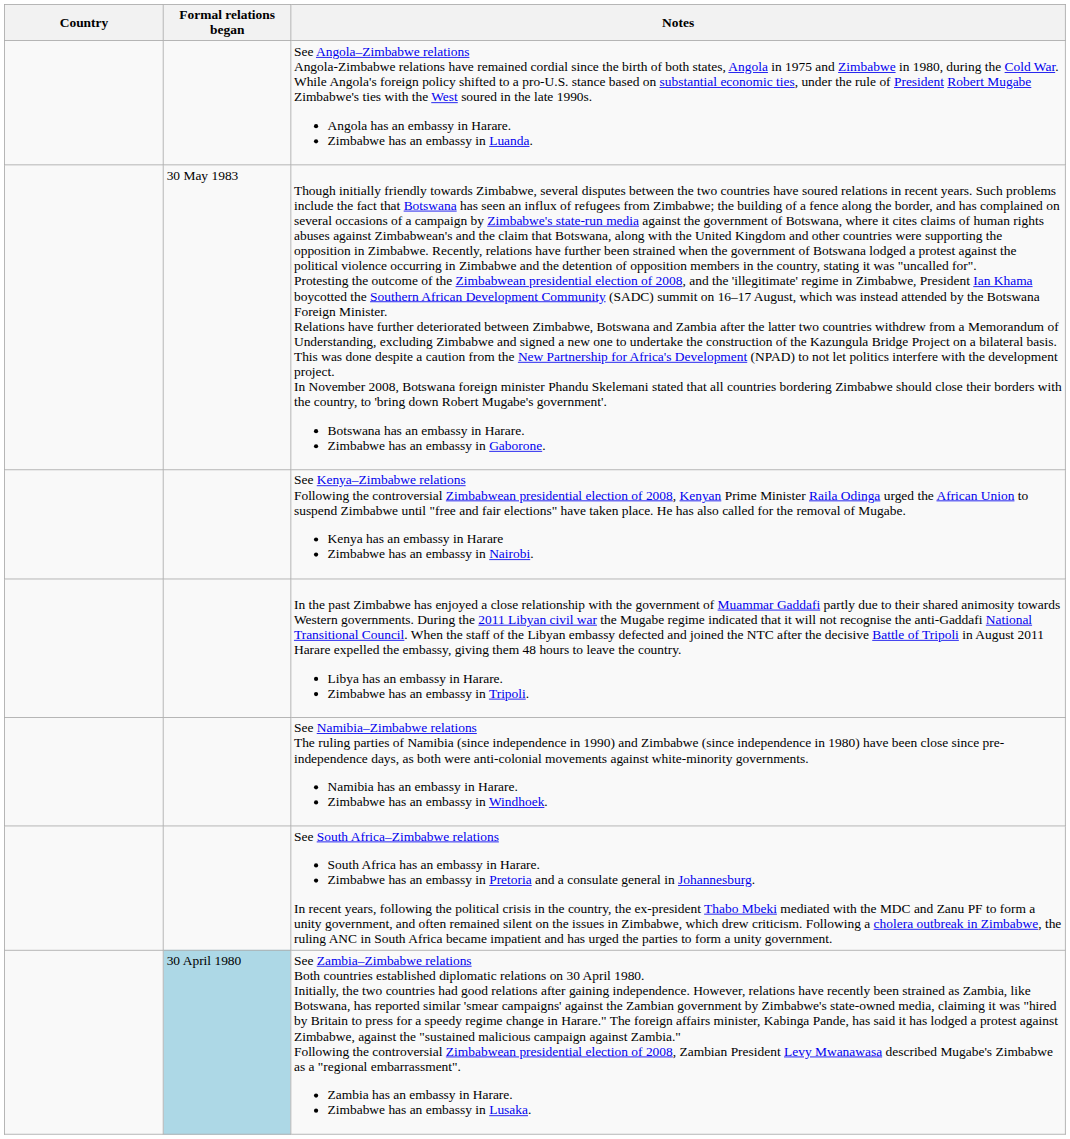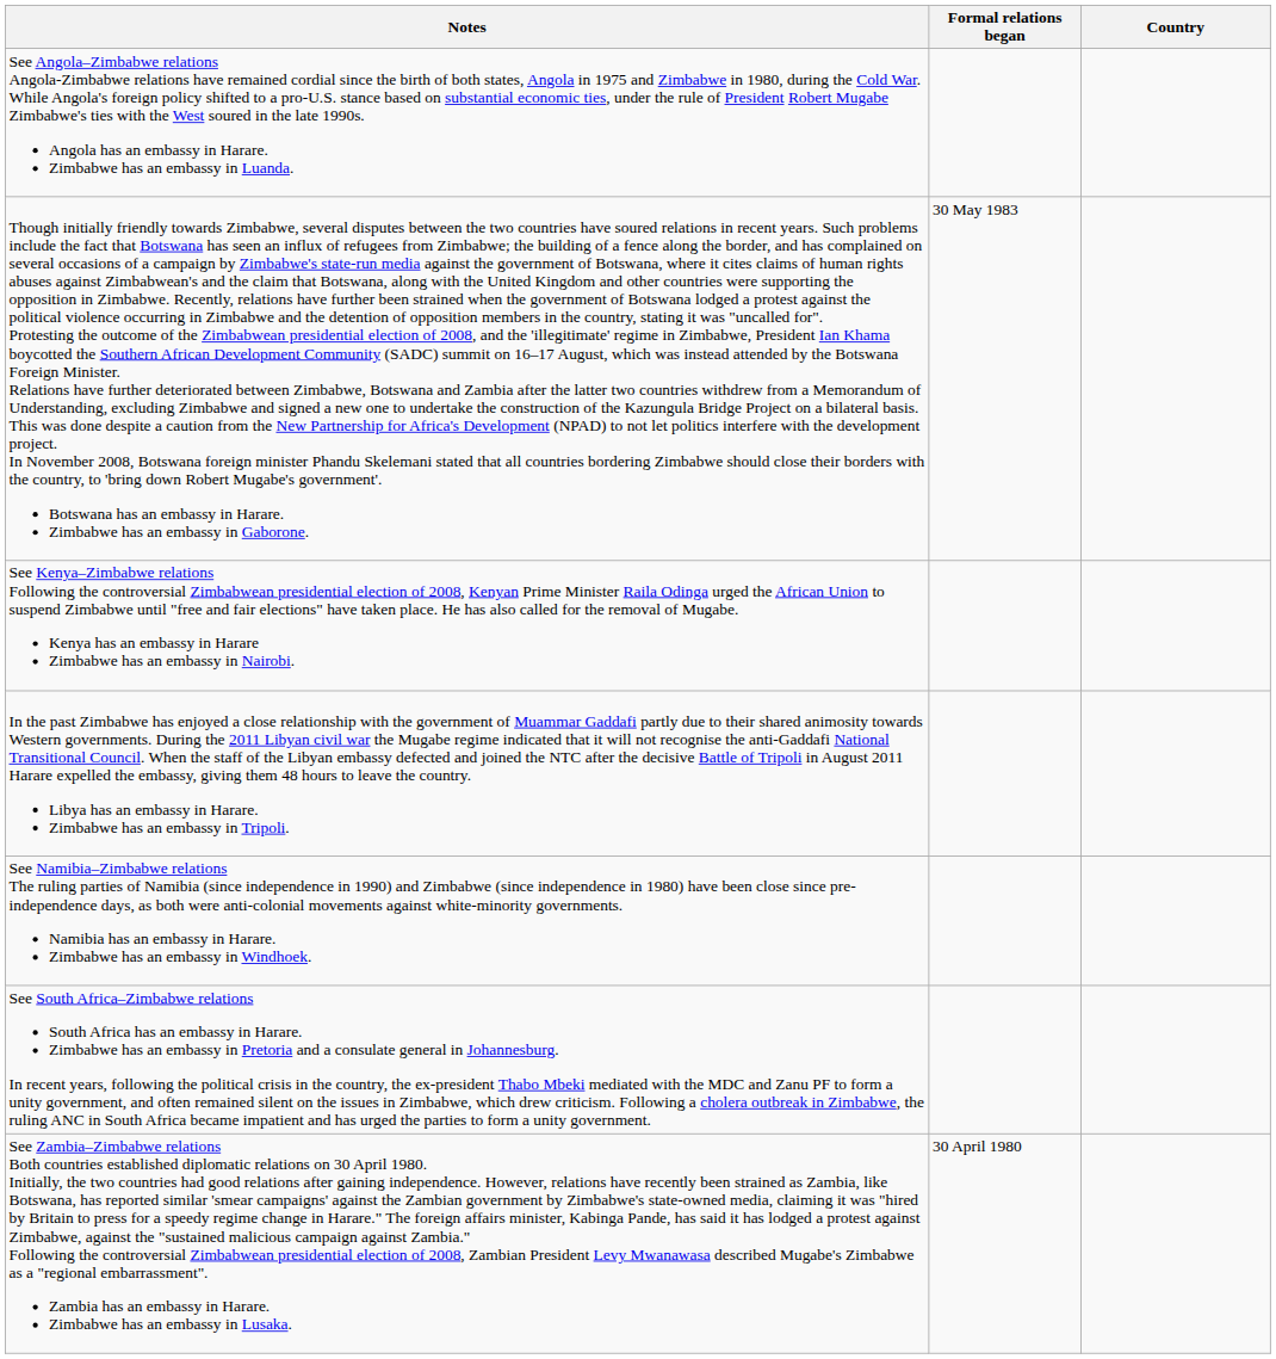 <table class="wikitable sortable" style="width:100%; margin:auto;">
 <tr>
+<th>Notes</th>
+<th style="width:12%;">Formal relations began</th>
 <th style="width:15%;">Country</th>
-<th style="width:12%;">Formal relations began</th>
-<th>Notes</th>
 </tr>
 <tr valign="top">
+<td>See <a href='#'>Angola–Zimbabwe relations</a><br>Angola-Zimbabwe relations have remained cordial since the birth of both states, <a href='#'>Angola</a> in 1975 and <a href='#'>Zimbabwe</a> in 1980, during the <a href='#'>Cold War</a>. While Angola's foreign policy shifted to a pro-U.S. stance based on <a href='#'>substantial economic ties</a>, under the rule of <a href='#'>President</a> <a href='#'>Robert Mugabe</a> Zimbabwe's ties with the <a href='#'>West</a> soured in the late 1990s.<ul><li>Angola has an embassy in Harare.</li><li>Zimbabwe has an embassy in <a href='#'>Luanda</a>.</li></ul></td>
 <td></td>
 <td></td>
-<td>See <a href='#'>Angola–Zimbabwe relations</a><br>Angola-Zimbabwe relations have remained cordial since the birth of both states, <a href='#'>Angola</a> in 1975 and <a href='#'>Zimbabwe</a> in 1980, during the <a href='#'>Cold War</a>. While Angola's foreign policy shifted to a pro-U.S. stance based on <a href='#'>substantial economic ties</a>, under the rule of <a href='#'>President</a> <a href='#'>Robert Mugabe</a> Zimbabwe's ties with the <a href='#'>West</a> soured in the late 1990s.<ul><li>Angola has an embassy in Harare.</li><li>Zimbabwe has an embassy in <a href='#'>Luanda</a>.</li></ul></td>
 </tr>
 <tr valign="top">
+<td><br>Though initially friendly towards Zimbabwe, several disputes between the two countries have soured relations in recent years. Such problems include the fact that <a href='#'>Botswana</a> has seen an influx of refugees from Zimbabwe; the building of a fence along the border, and has complained on several occasions of a campaign by <a href='#'>Zimbabwe's state-run media</a> against the government of Botswana, where it cites claims of human rights abuses against Zimbabwean's and the claim that Botswana, along with the United Kingdom and other countries were supporting the opposition in Zimbabwe. Recently, relations have further been strained when the government of Botswana lodged a protest against the political violence occurring in Zimbabwe and the detention of opposition members in the country, stating it was "uncalled for".<br>Protesting the outcome of the <a href='#'>Zimbabwean presidential election of 2008</a>, and the 'illegitimate' regime in Zimbabwe, President <a href='#'>Ian Khama</a> boycotted the <a href='#'>Southern African Development Community</a> (SADC) summit on 16–17 August, which was instead attended by the Botswana Foreign Minister.<br>Relations have further deteriorated between Zimbabwe, Botswana and Zambia after the latter two countries withdrew from a Memorandum of Understanding, excluding Zimbabwe and signed a new one to undertake the construction of the Kazungula Bridge Project on a bilateral basis. This was done despite a caution from the <a href='#'>New Partnership for Africa's Development</a> (NPAD) to not let politics interfere with the development project.<br>In November 2008, Botswana foreign minister Phandu Skelemani stated that all countries bordering Zimbabwe should close their borders with the country, to 'bring down Robert Mugabe's government'.<ul><li>Botswana has an embassy in Harare.</li><li>Zimbabwe has an embassy in <a href='#'>Gaborone</a>.</li></ul></td>
+<td>30 May 1983</td>
 <td></td>
-<td>30 May 1983</td>
-<td><br>Though initially friendly towards Zimbabwe, several disputes between the two countries have soured relations in recent years. Such problems include the fact that <a href='#'>Botswana</a> has seen an influx of refugees from Zimbabwe; the building of a fence along the border, and has complained on several occasions of a campaign by <a href='#'>Zimbabwe's state-run media</a> against the government of Botswana, where it cites claims of human rights abuses against Zimbabwean's and the claim that Botswana, along with the United Kingdom and other countries were supporting the opposition in Zimbabwe. Recently, relations have further been strained when the government of Botswana lodged a protest against the political violence occurring in Zimbabwe and the detention of opposition members in the country, stating it was "uncalled for".<br>Protesting the outcome of the <a href='#'>Zimbabwean presidential election of 2008</a>, and the 'illegitimate' regime in Zimbabwe, President <a href='#'>Ian Khama</a> boycotted the <a href='#'>Southern African Development Community</a> (SADC) summit on 16–17 August, which was instead attended by the Botswana Foreign Minister.<br>Relations have further deteriorated between Zimbabwe, Botswana and Zambia after the latter two countries withdrew from a Memorandum of Understanding, excluding Zimbabwe and signed a new one to undertake the construction of the Kazungula Bridge Project on a bilateral basis. This was done despite a caution from the <a href='#'>New Partnership for Africa's Development</a> (NPAD) to not let politics interfere with the development project.<br>In November 2008, Botswana foreign minister Phandu Skelemani stated that all countries bordering Zimbabwe should close their borders with the country, to 'bring down Robert Mugabe's government'.<ul><li>Botswana has an embassy in Harare.</li><li>Zimbabwe has an embassy in <a href='#'>Gaborone</a>.</li></ul></td>
 </tr>
 <tr valign="top">
+<td>See <a href='#'>Kenya–Zimbabwe relations</a><br>Following the controversial <a href='#'>Zimbabwean presidential election of 2008</a>, <a href='#'>Kenyan</a> Prime Minister <a href='#'>Raila Odinga</a> urged the <a href='#'>African Union</a> to suspend Zimbabwe until "free and fair elections" have taken place. He has also called for the removal of Mugabe.<ul><li>Kenya has an embassy in Harare</li><li>Zimbabwe has an embassy in <a href='#'>Nairobi</a>.</li></ul></td>
 <td></td>
 <td></td>
-<td>See <a href='#'>Kenya–Zimbabwe relations</a><br>Following the controversial <a href='#'>Zimbabwean presidential election of 2008</a>, <a href='#'>Kenyan</a> Prime Minister <a href='#'>Raila Odinga</a> urged the <a href='#'>African Union</a> to suspend Zimbabwe until "free and fair elections" have taken place. He has also called for the removal of Mugabe.<ul><li>Kenya has an embassy in Harare</li><li>Zimbabwe has an embassy in <a href='#'>Nairobi</a>.</li></ul></td>
 </tr>
 <tr valign="top">
+<td><br>In the past Zimbabwe has enjoyed a close relationship with the government of <a href='#'>Muammar Gaddafi</a> partly due to their shared animosity towards Western governments. During the <a href='#'>2011 Libyan civil war</a> the Mugabe regime indicated that it will not recognise the anti-Gaddafi <a href='#'>National Transitional Council</a>. When the staff of the Libyan embassy defected and joined the NTC after the decisive <a href='#'>Battle of Tripoli</a> in August 2011 Harare expelled the embassy, giving them 48 hours to leave the country.<ul><li>Libya has an embassy in Harare.</li><li>Zimbabwe has an embassy in <a href='#'>Tripoli</a>.</li></ul></td>
 <td></td>
 <td></td>
-<td><br>In the past Zimbabwe has enjoyed a close relationship with the government of <a href='#'>Muammar Gaddafi</a> partly due to their shared animosity towards Western governments. During the <a href='#'>2011 Libyan civil war</a> the Mugabe regime indicated that it will not recognise the anti-Gaddafi <a href='#'>National Transitional Council</a>. When the staff of the Libyan embassy defected and joined the NTC after the decisive <a href='#'>Battle of Tripoli</a> in August 2011 Harare expelled the embassy, giving them 48 hours to leave the country.<ul><li>Libya has an embassy in Harare.</li><li>Zimbabwe has an embassy in <a href='#'>Tripoli</a>.</li></ul></td>
 </tr>
 <tr valign="top">
+<td>See <a href='#'>Namibia–Zimbabwe relations</a><br>The ruling parties of Namibia (since independence in 1990) and Zimbabwe (since independence in 1980) have been close since pre-independence days, as both were anti-colonial movements against white-minority governments.<ul><li>Namibia has an embassy in Harare.</li><li>Zimbabwe has an embassy in <a href='#'>Windhoek</a>.</li></ul></td>
 <td></td>
 <td></td>
-<td>See <a href='#'>Namibia–Zimbabwe relations</a><br>The ruling parties of Namibia (since independence in 1990) and Zimbabwe (since independence in 1980) have been close since pre-independence days, as both were anti-colonial movements against white-minority governments.<ul><li>Namibia has an embassy in Harare.</li><li>Zimbabwe has an embassy in <a href='#'>Windhoek</a>.</li></ul></td>
 </tr>
 <tr valign="top">
+<td>See <a href='#'>South Africa–Zimbabwe relations</a><br><ul><li>South Africa has an embassy in Harare.</li><li>Zimbabwe has an embassy in <a href='#'>Pretoria</a> and a consulate general in <a href='#'>Johannesburg</a>.</li></ul>In recent years, following the political crisis in the country, the ex-president <a href='#'>Thabo Mbeki</a> mediated with the MDC and Zanu PF to form a unity government, and often remained silent on the issues in Zimbabwe, which drew criticism. Following a <a href='#'>cholera outbreak in Zimbabwe</a>, the ruling ANC in South Africa became impatient and has urged the parties to form a unity government.</td>
 <td></td>
 <td></td>
-<td>See <a href='#'>South Africa–Zimbabwe relations</a><br><ul><li>South Africa has an embassy in Harare.</li><li>Zimbabwe has an embassy in <a href='#'>Pretoria</a> and a consulate general in <a href='#'>Johannesburg</a>.</li></ul>In recent years, following the political crisis in the country, the ex-president <a href='#'>Thabo Mbeki</a> mediated with the MDC and Zanu PF to form a unity government, and often remained silent on the issues in Zimbabwe, which drew criticism. Following a <a href='#'>cholera outbreak in Zimbabwe</a>, the ruling ANC in South Africa became impatient and has urged the parties to form a unity government.</td>
 </tr>
 <tr valign="top">
+<td>See <a href='#'>Zambia–Zimbabwe relations</a><br>Both countries established diplomatic relations on 30 April 1980.<br>Initially, the two countries had good relations after gaining independence. However, relations have recently been strained as Zambia, like Botswana, has reported similar 'smear campaigns' against the Zambian government by Zimbabwe's state-owned media, claiming it was "hired by Britain to press for a speedy regime change in Harare." The foreign affairs minister, Kabinga Pande, has said it has lodged a protest against Zimbabwe, against the "sustained malicious campaign against Zambia."<br>Following the controversial <a href='#'>Zimbabwean presidential election of 2008</a>, Zambian President <a href='#'>Levy Mwanawasa</a> described Mugabe's Zimbabwe as a "regional embarrassment".<ul><li>Zambia has an embassy in Harare.</li><li>Zimbabwe has an embassy in <a href='#'>Lusaka</a>.</li></ul></td>
+<td>30 April 1980</td>
 <td></td>
-<td style="background: lightblue;">30 April 1980</td>
-<td>See <a href='#'>Zambia–Zimbabwe relations</a><br>Both countries established diplomatic relations on 30 April 1980.<br>Initially, the two countries had good relations after gaining independence. However, relations have recently been strained as Zambia, like Botswana, has reported similar 'smear campaigns' against the Zambian government by Zimbabwe's state-owned media, claiming it was "hired by Britain to press for a speedy regime change in Harare." The foreign affairs minister, Kabinga Pande, has said it has lodged a protest against Zimbabwe, against the "sustained malicious campaign against Zambia."<br>Following the controversial <a href='#'>Zimbabwean presidential election of 2008</a>, Zambian President <a href='#'>Levy Mwanawasa</a> described Mugabe's Zimbabwe as a "regional embarrassment".<ul><li>Zambia has an embassy in Harare.</li><li>Zimbabwe has an embassy in <a href='#'>Lusaka</a>.</li></ul></td>
 </tr>
 </table>
